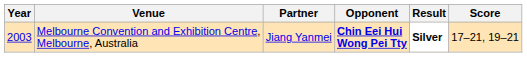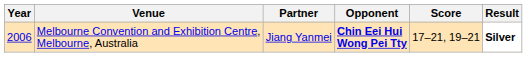 <table class="sortable wikitable" style="font-size: 90%;">
 <tr>
 <th>Year</th>
 <th>Venue</th>
 <th>Partner</th>
 <th>Opponent</th>
+<th>Score</th>
 <th>Result</th>
-<th>Score</th>
 </tr>
 <tr style="background:#FFE4B5">
-<td align="center"><a href='#'>2003</a></td>
+<td align="center"><a href='#'>2006</a></td>
 <td align="left"><a href='#'>Melbourne Convention and Exhibition Centre</a>,<br><a href='#'>Melbourne</a>, Australia</td>
 <td align="left"> <a href='#'>Jiang Yanmei</a></td>
 <td align="left"><strong> <a href='#'>Chin Eei Hui</a><br> <a href='#'>Wong Pei Tty</a></strong></td>
+<td align="left">17–21, 19–21</td>
 <td style="text-align:left; background:white"> <strong>Silver</strong></td>
-<td align="left">17–21, 19–21</td>
 </tr>
 </table>
